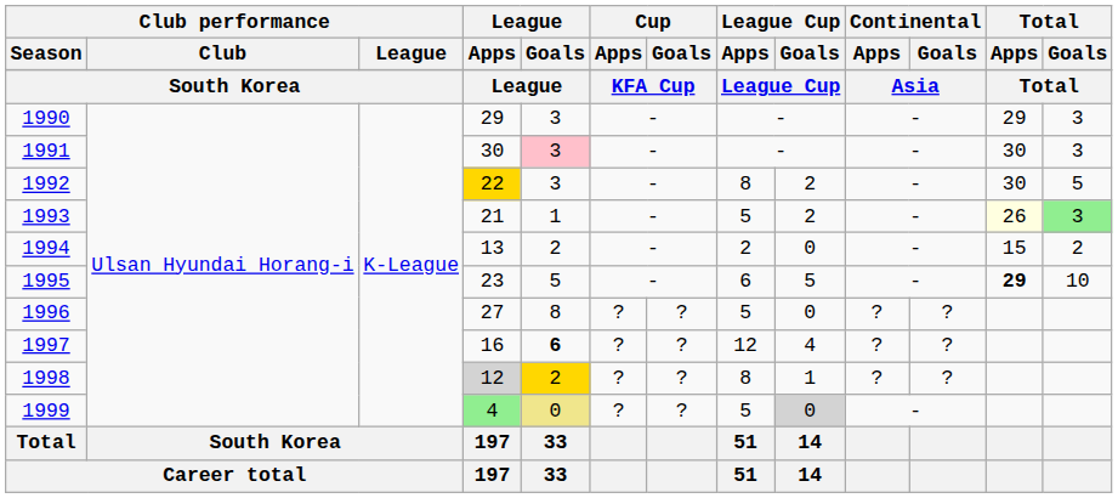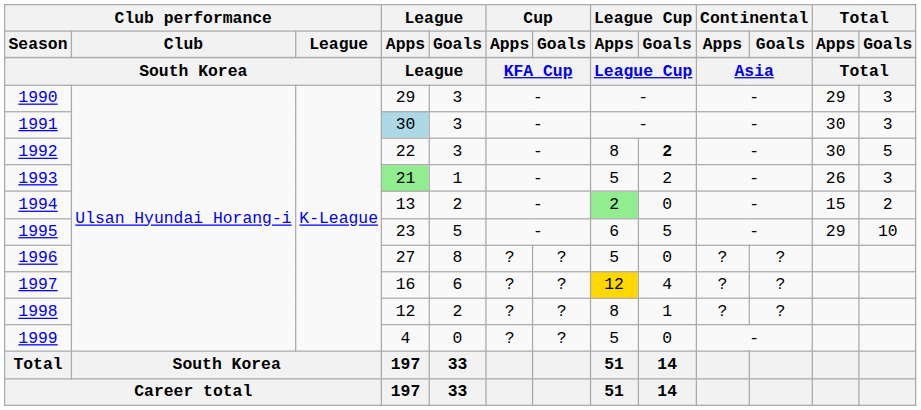 <table class="wikitable" style="text-align:center">
 <tr>
 <th colspan=3>Club performance</th>
 <th colspan=2>League</th>
 <th colspan=2>Cup</th>
 <th colspan=2>League Cup</th>
 <th colspan=2>Continental</th>
 <th colspan=2>Total</th>
 </tr>
 <tr>
 <th>Season</th>
 <th>Club</th>
 <th>League</th>
 <th>Apps</th>
 <th>Goals</th>
 <th>Apps</th>
 <th>Goals</th>
 <th>Apps</th>
 <th>Goals</th>
 <th>Apps</th>
 <th>Goals</th>
 <th>Apps</th>
 <th>Goals</th>
 </tr>
 <tr>
 </tr>
 <tr>
 <th colspan=3>South Korea</th>
 <th colspan=2>League</th>
 <th colspan=2><a href='#'>KFA Cup</a></th>
 <th colspan=2><a href='#'>League Cup</a></th>
 <th colspan=2><a href='#'>Asia</a></th>
 <th colspan=2>Total</th>
 </tr>
 <tr>
 <td><a href='#'>1990</a></td>
 <td rowspan="10"><a href='#'>Ulsan Hyundai Horang-i</a></td>
 <td rowspan="10"><a href='#'>K-League</a></td>
 <td>29</td>
 <td>3</td>
 <td colspan="2">-</td>
 <td colspan="2">-</td>
 <td colspan="2">-</td>
 <td>29</td>
 <td>3</td>
 </tr>
 <tr>
 <td><a href='#'>1991</a></td>
-<td>30</td>
-<td style="background: pink;">3</td>
+<td style="background: lightblue;">30</td>
+<td>3</td>
 <td colspan="2">-</td>
 <td colspan="2">-</td>
 <td colspan="2">-</td>
 <td>30</td>
 <td>3</td>
 </tr>
 <tr>
 <td><a href='#'>1992</a></td>
-<td style="background: gold;">22</td>
+<td>22</td>
 <td>3</td>
 <td colspan="2">-</td>
 <td>8</td>
-<td>2</td>
+<td><strong>2</strong></td>
 <td colspan="2">-</td>
 <td>30</td>
 <td>5</td>
 </tr>
 <tr>
 <td><a href='#'>1993</a></td>
-<td>21</td>
+<td style="background: lightgreen;">21</td>
 <td>1</td>
 <td colspan="2">-</td>
 <td>5</td>
 <td>2</td>
 <td colspan="2">-</td>
-<td style="background: lightyellow;">26</td>
-<td style="background: lightgreen;">3</td>
+<td>26</td>
+<td>3</td>
 </tr>
 <tr>
 <td><a href='#'>1994</a></td>
 <td>13</td>
 <td>2</td>
 <td colspan="2">-</td>
-<td>2</td>
+<td style="background: lightgreen;">2</td>
 <td>0</td>
 <td colspan="2">-</td>
 <td>15</td>
 <td>2</td>
 </tr>
 <tr>
 <td><a href='#'>1995</a></td>
 <td>23</td>
 <td>5</td>
 <td colspan="2">-</td>
 <td>6</td>
 <td>5</td>
 <td colspan="2">-</td>
-<td><strong>29</strong></td>
+<td>29</td>
 <td>10</td>
 </tr>
 <tr>
 <td><a href='#'>1996</a></td>
 <td>27</td>
 <td>8</td>
 <td>?</td>
 <td>?</td>
 <td>5</td>
 <td>0</td>
 <td>?</td>
 <td>?</td>
 <td></td>
 <td></td>
 </tr>
 <tr>
 <td><a href='#'>1997</a></td>
 <td>16</td>
-<td><strong>6</strong></td>
+<td>6</td>
 <td>?</td>
 <td>?</td>
-<td>12</td>
+<td style="background: gold;">12</td>
 <td>4</td>
 <td>?</td>
 <td>?</td>
 <td></td>
 <td></td>
 </tr>
 <tr>
 <td><a href='#'>1998</a></td>
-<td style="background: lightgrey;">12</td>
-<td style="background: gold;">2</td>
+<td>12</td>
+<td>2</td>
 <td>?</td>
 <td>?</td>
 <td>8</td>
 <td>1</td>
 <td>?</td>
 <td>?</td>
 <td></td>
 <td></td>
 </tr>
 <tr>
 <td><a href='#'>1999</a></td>
-<td style="background: lightgreen;">4</td>
-<td style="background: khaki;">0</td>
+<td>4</td>
+<td>0</td>
 <td>?</td>
 <td>?</td>
 <td>5</td>
-<td style="background: lightgrey;">0</td>
+<td>0</td>
 <td colspan="2">-</td>
 <td></td>
 <td></td>
 </tr>
 <tr>
 <th rowspan=1>Total</th>
 <th colspan=2>South Korea</th>
 <th>197</th>
 <th>33</th>
 <th></th>
 <th></th>
 <th>51</th>
 <th>14</th>
 <th></th>
 <th></th>
 <th></th>
 <th></th>
 </tr>
 <tr>
 <th colspan=3>Career total</th>
 <th>197</th>
 <th>33</th>
 <th></th>
 <th></th>
 <th>51</th>
 <th>14</th>
 <th></th>
 <th></th>
 <th></th>
 <th></th>
 </tr>
 </table>
